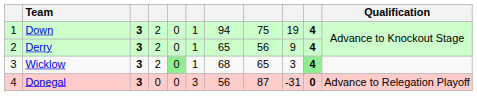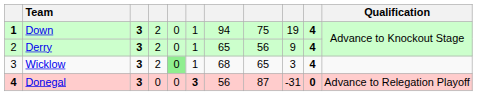 <table class="wikitable" style="text-align:center">
 <tr>
 <th width=20></th>
 <th width=150 style="text-align:left;">Team</th>
 <th width=20></th>
 <th width=20></th>
 <th width=20></th>
 <th width=20></th>
 <th width=50></th>
 <th width=50></th>
 <th width=20></th>
 <th width=20></th>
 <th>Qualification</th>
 </tr>
 <tr style="background:#ccffcc">
-<td>1</td>
+<td><strong>1</strong></td>
 <td align=left> <a href='#'>Down</a></td>
 <td><strong>3</strong></td>
 <td>2</td>
 <td>0</td>
 <td>1</td>
 <td>94</td>
 <td>75</td>
 <td>19</td>
 <td><strong>4</strong></td>
 <td rowspan="2">Advance to Knockout Stage</td>
 </tr>
 <tr style="background:#ccffcc">
 <td>2</td>
 <td align=left> <a href='#'>Derry</a></td>
 <td><strong>3</strong></td>
 <td>2</td>
 <td>0</td>
 <td>1</td>
 <td>65</td>
 <td>56</td>
 <td>9</td>
 <td><strong>4</strong></td>
 </tr>
 <tr>
 <td>3</td>
 <td align=left> <a href='#'>Wicklow</a></td>
 <td><strong>3</strong></td>
 <td>2</td>
 <td style="background: lightgreen;">0</td>
 <td>1</td>
 <td>68</td>
 <td>65</td>
 <td>3</td>
-<td style="background: lightgreen;"><strong>4</strong></td>
+<td><strong>4</strong></td>
 <td></td>
 </tr>
 <tr style="background:#ffcccc">
-<td>4</td>
+<td><strong>4</strong></td>
 <td align=left> <a href='#'>Donegal</a></td>
 <td><strong>3</strong></td>
 <td>0</td>
 <td>0</td>
-<td>3</td>
+<td><strong>3</strong></td>
 <td>56</td>
 <td>87</td>
 <td>-31</td>
 <td><strong>0</strong></td>
 <td>Advance to Relegation Playoff</td>
 </tr>
 </table>
